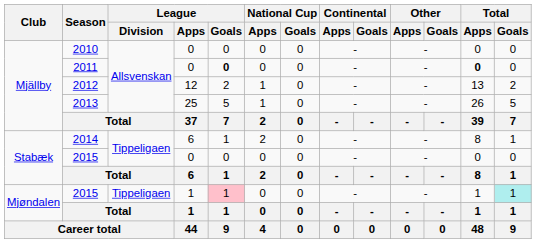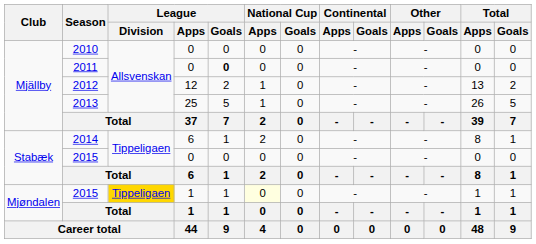 <table class="wikitable" style="text-align: center;">
 <tr>
 <th rowspan="2">Club</th>
 <th rowspan="2">Season</th>
 <th colspan="3">League</th>
 <th colspan="2">National Cup</th>
 <th colspan="2">Continental</th>
 <th colspan="2">Other</th>
 <th colspan="2">Total</th>
 </tr>
 <tr>
 <th>Division</th>
 <th>Apps</th>
 <th>Goals</th>
 <th>Apps</th>
 <th>Goals</th>
 <th>Apps</th>
 <th>Goals</th>
 <th>Apps</th>
 <th>Goals</th>
 <th>Apps</th>
 <th>Goals</th>
 </tr>
 <tr>
 <td rowspan="5"><a href='#'>Mjällby</a></td>
 <td><a href='#'>2010</a></td>
 <td rowspan="4"><a href='#'>Allsvenskan</a></td>
 <td>0</td>
 <td>0</td>
 <td>0</td>
 <td>0</td>
 <td colspan="2">-</td>
 <td colspan="2">-</td>
 <td>0</td>
 <td>0</td>
 </tr>
 <tr>
 <td><a href='#'>2011</a></td>
 <td>0</td>
 <td><strong>0</strong></td>
 <td>0</td>
 <td>0</td>
 <td colspan="2">-</td>
 <td colspan="2">-</td>
-<td><strong>0</strong></td>
+<td>0</td>
 <td>0</td>
 </tr>
 <tr>
 <td><a href='#'>2012</a></td>
 <td>12</td>
 <td>2</td>
 <td>1</td>
 <td>0</td>
 <td colspan="2">-</td>
 <td colspan="2">-</td>
 <td>13</td>
 <td>2</td>
 </tr>
 <tr>
 <td><a href='#'>2013</a></td>
 <td>25</td>
 <td>5</td>
 <td>1</td>
 <td>0</td>
 <td colspan="2">-</td>
 <td colspan="2">-</td>
 <td>26</td>
 <td>5</td>
 </tr>
 <tr>
 <th colspan="2">Total</th>
 <th>37</th>
 <th>7</th>
 <th>2</th>
 <th>0</th>
 <th>-</th>
 <th>-</th>
 <th>-</th>
 <th>-</th>
 <th>39</th>
 <th>7</th>
 </tr>
 <tr>
 <td rowspan="3"><a href='#'>Stabæk</a></td>
 <td><a href='#'>2014</a></td>
 <td rowspan="2"><a href='#'>Tippeligaen</a></td>
 <td>6</td>
 <td>1</td>
 <td>2</td>
 <td>0</td>
 <td colspan="2">-</td>
 <td colspan="2">-</td>
 <td>8</td>
 <td>1</td>
 </tr>
 <tr>
 <td><a href='#'>2015</a></td>
 <td>0</td>
 <td>0</td>
 <td>0</td>
 <td>0</td>
 <td colspan="2">-</td>
 <td colspan="2">-</td>
 <td>0</td>
 <td>0</td>
 </tr>
 <tr>
 <th colspan="2">Total</th>
 <th>6</th>
 <th>1</th>
 <th>2</th>
 <th>0</th>
 <th>-</th>
 <th>-</th>
 <th>-</th>
 <th>-</th>
 <th>8</th>
 <th>1</th>
 </tr>
 <tr>
 <td rowspan="2"><a href='#'>Mjøndalen</a></td>
 <td><a href='#'>2015</a></td>
-<td rowspan="1"><a href='#'>Tippeligaen</a></td>
+<td rowspan="1" style="background: gold;"><a href='#'>Tippeligaen</a></td>
 <td>1</td>
-<td style="background: pink;">1</td>
-<td>0</td>
+<td>1</td>
+<td style="background: lightyellow;">0</td>
 <td>0</td>
 <td colspan="2">-</td>
 <td colspan="2">-</td>
 <td>1</td>
-<td style="background: paleturquoise;">1</td>
+<td>1</td>
 </tr>
 <tr>
 <th colspan="2">Total</th>
 <th>1</th>
 <th>1</th>
 <th>0</th>
 <th>0</th>
 <th>-</th>
 <th>-</th>
 <th>-</th>
 <th>-</th>
 <th>1</th>
 <th>1</th>
 </tr>
 <tr>
 <th colspan="3">Career total</th>
 <th>44</th>
 <th>9</th>
 <th>4</th>
 <th>0</th>
 <th>0</th>
 <th>0</th>
 <th>0</th>
 <th>0</th>
 <th>48</th>
 <th>9</th>
 </tr>
 </table>
